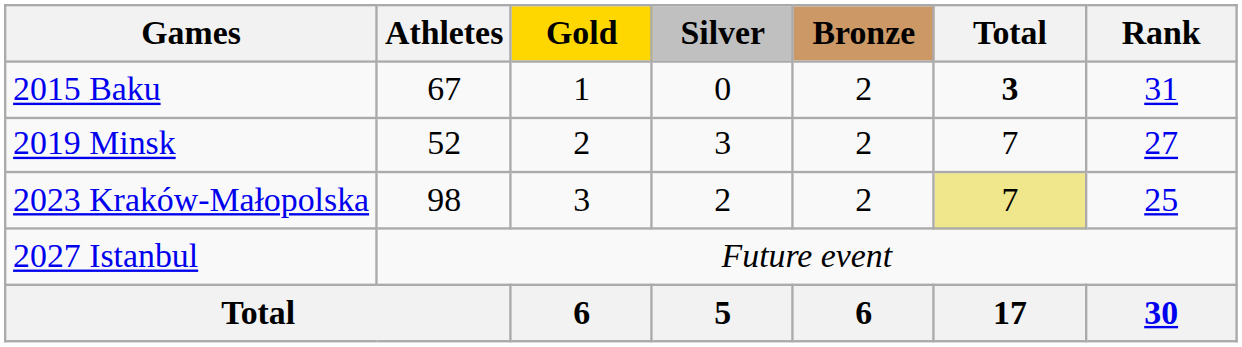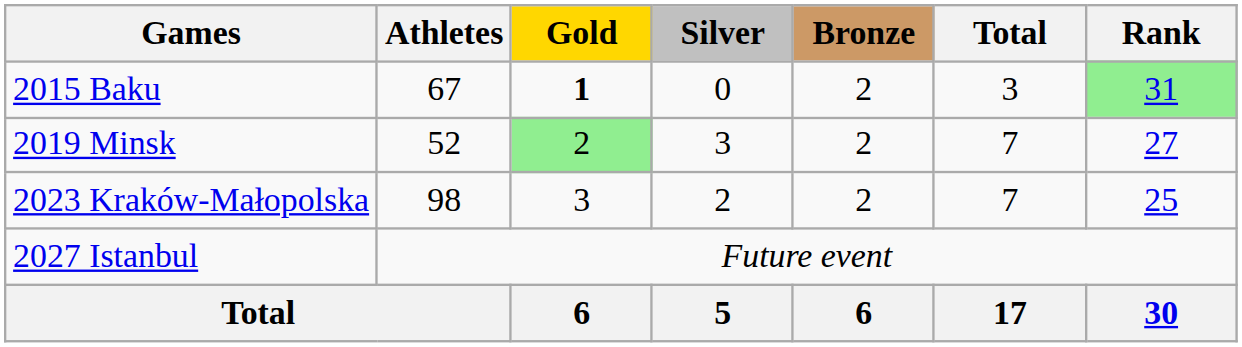 <table class="wikitable" style="text-align:center; font-size:90%;">
 <tr>
 <th>Games</th>
 <th>Athletes</th>
 <td style="background:gold; width:3.7em; font-weight:bold;">Gold</td>
 <td style="background:silver; width:3.7em; font-weight:bold;">Silver</td>
 <td style="background:#cc9966; width:3.7em; font-weight:bold;">Bronze</td>
 <th style="width:4em; font-weight:bold;">Total</th>
 <th style="width:4em; font-weight:bold;">Rank</th>
 </tr>
 <tr>
 <td align=left> <a href='#'>2015 Baku</a></td>
 <td>67</td>
-<td>1</td>
+<td><strong>1</strong></td>
 <td>0</td>
 <td>2</td>
-<td><strong>3</strong></td>
-<td><a href='#'>31</a></td>
+<td>3</td>
+<td style="background: lightgreen;"><a href='#'>31</a></td>
 </tr>
 <tr>
 <td align=left> <a href='#'>2019 Minsk</a></td>
 <td>52</td>
-<td>2</td>
+<td style="background: lightgreen;">2</td>
 <td>3</td>
 <td>2</td>
 <td>7</td>
 <td><a href='#'>27</a></td>
 </tr>
 <tr>
 <td align=left> <a href='#'>2023 Kraków-Małopolska</a></td>
 <td>98</td>
 <td>3</td>
 <td>2</td>
 <td>2</td>
-<td style="background: khaki;">7</td>
+<td>7</td>
 <td><a href='#'>25</a></td>
 </tr>
 <tr>
 <td align=left> <a href='#'>2027 Istanbul</a></td>
 <td colspan=6><em>Future event</em></td>
 </tr>
 <tr>
 <th colspan=2>Total</th>
 <th>6</th>
 <th>5</th>
 <th>6</th>
 <th>17</th>
 <th><a href='#'>30</a></th>
 </tr>
 </table>
